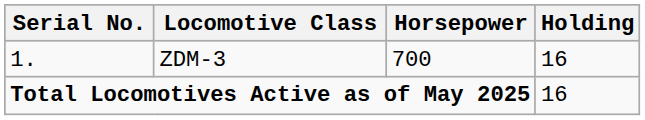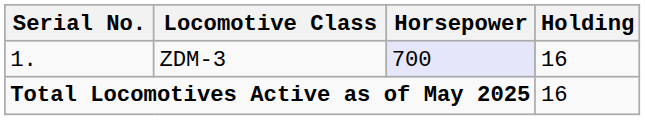 <table class="wikitable">
 <tr>
 <th>Serial No.</th>
 <th>Locomotive Class</th>
 <th>Horsepower</th>
 <th>Holding</th>
 </tr>
 <tr>
 <td>1.</td>
 <td>ZDM-3</td>
-<td>700</td>
+<td style="background: lavender;">700</td>
 <td>16</td>
 </tr>
 <tr>
 <td colspan="3"><strong>Total Locomotives Active as of May 2025</strong></td>
 <td>16</td>
 </tr>
 </table>
